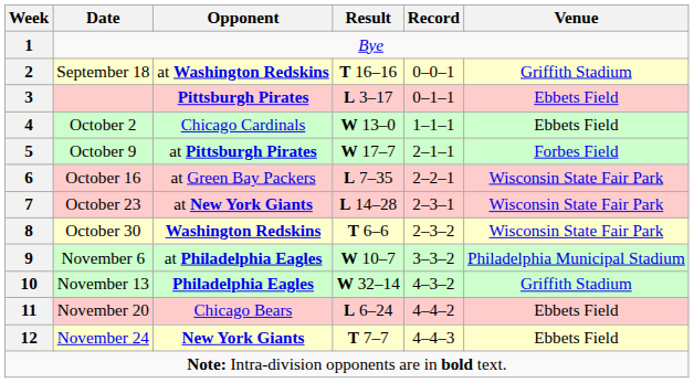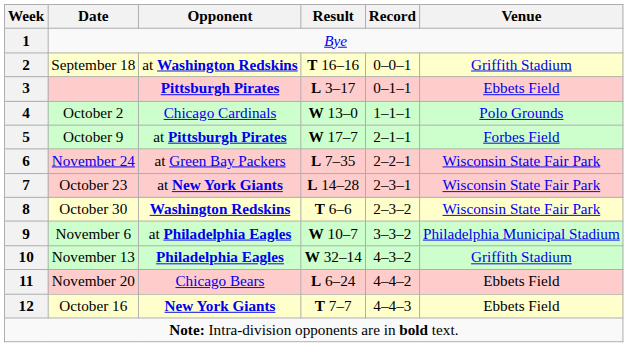 <table class="wikitable" style="text-align:center">
 <tr>
 <th>Week</th>
 <th>Date</th>
 <th>Opponent</th>
 <th>Result</th>
 <th>Record</th>
 <th>Venue</th>
 </tr>
 <tr>
 <th>1</th>
 <td colspan="6"><em><a href='#'>Bye</a></em></td>
 </tr>
 <tr style="background:#ffc">
 <th>2</th>
 <td>September 18</td>
 <td>at <strong><a href='#'>Washington Redskins</a></strong></td>
 <td><strong>T</strong> 16–16</td>
 <td>0–0–1</td>
 <td><a href='#'>Griffith Stadium</a></td>
 </tr>
 <tr style="background:#fcc">
 <th>3</th>
 <td></td>
 <td><strong><a href='#'>Pittsburgh Pirates</a></strong></td>
 <td><strong>L</strong> 3–17</td>
 <td>0–1–1</td>
 <td><a href='#'>Ebbets Field</a></td>
 </tr>
 <tr style="background:#cfc">
 <th>4</th>
 <td>October 2</td>
 <td><a href='#'>Chicago Cardinals</a></td>
 <td><strong>W</strong> 13–0</td>
 <td>1–1–1</td>
-<td>Ebbets Field</td>
+<td><a href='#'>Polo Grounds</a></td>
 </tr>
 <tr style="background:#cfc">
 <th>5</th>
 <td>October 9</td>
 <td>at <strong><a href='#'>Pittsburgh Pirates</a></strong></td>
 <td><strong>W</strong> 17–7</td>
 <td>2–1–1</td>
 <td><a href='#'>Forbes Field</a></td>
 </tr>
 <tr style="background:#fcc">
 <th>6</th>
-<td>October 16</td>
+<td><a href='#'>November 24</a></td>
 <td>at <a href='#'>Green Bay Packers</a></td>
 <td><strong>L</strong> 7–35</td>
 <td>2–2–1</td>
 <td><a href='#'>Wisconsin State Fair Park</a></td>
 </tr>
 <tr style="background:#fcc">
 <th>7</th>
 <td>October 23</td>
 <td>at <strong><a href='#'>New York Giants</a></strong></td>
 <td><strong>L</strong> 14–28</td>
 <td>2–3–1</td>
 <td><a href='#'>Wisconsin State Fair Park</a></td>
 </tr>
 <tr style="background:#ffc">
 <th>8</th>
 <td>October 30</td>
 <td><strong><a href='#'>Washington Redskins</a></strong></td>
 <td><strong>T</strong> 6–6</td>
 <td>2–3–2</td>
 <td><a href='#'>Wisconsin State Fair Park</a></td>
 </tr>
 <tr style="background:#cfc">
 <th>9</th>
 <td>November 6</td>
 <td>at <strong><a href='#'>Philadelphia Eagles</a></strong></td>
 <td><strong>W</strong> 10–7</td>
 <td>3–3–2</td>
 <td><a href='#'>Philadelphia Municipal Stadium</a></td>
 </tr>
 <tr style="background:#cfc">
 <th>10</th>
 <td>November 13</td>
 <td><strong><a href='#'>Philadelphia Eagles</a></strong></td>
 <td><strong>W</strong> 32–14</td>
 <td>4–3–2</td>
 <td><a href='#'>Griffith Stadium</a></td>
 </tr>
 <tr style="background:#fcc">
 <th>11</th>
 <td>November 20</td>
 <td><a href='#'>Chicago Bears</a></td>
 <td><strong>L</strong> 6–24</td>
 <td>4–4–2</td>
 <td>Ebbets Field</td>
 </tr>
 <tr style="background:#ffc">
 <th>12</th>
-<td><a href='#'>November 24</a></td>
+<td>October 16</td>
 <td><strong><a href='#'>New York Giants</a></strong></td>
 <td><strong>T</strong> 7–7</td>
 <td>4–4–3</td>
 <td>Ebbets Field</td>
 </tr>
 <tr>
 <td colspan="8"><strong>Note:</strong> Intra-division opponents are in <strong>bold</strong> text.</td>
 </tr>
 </table>
